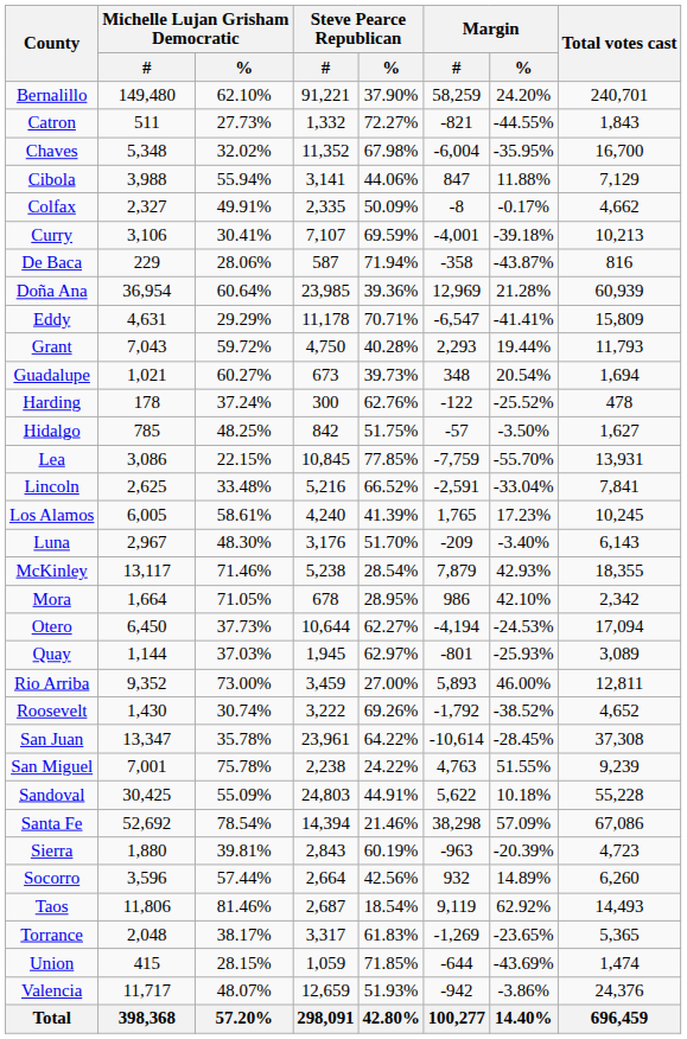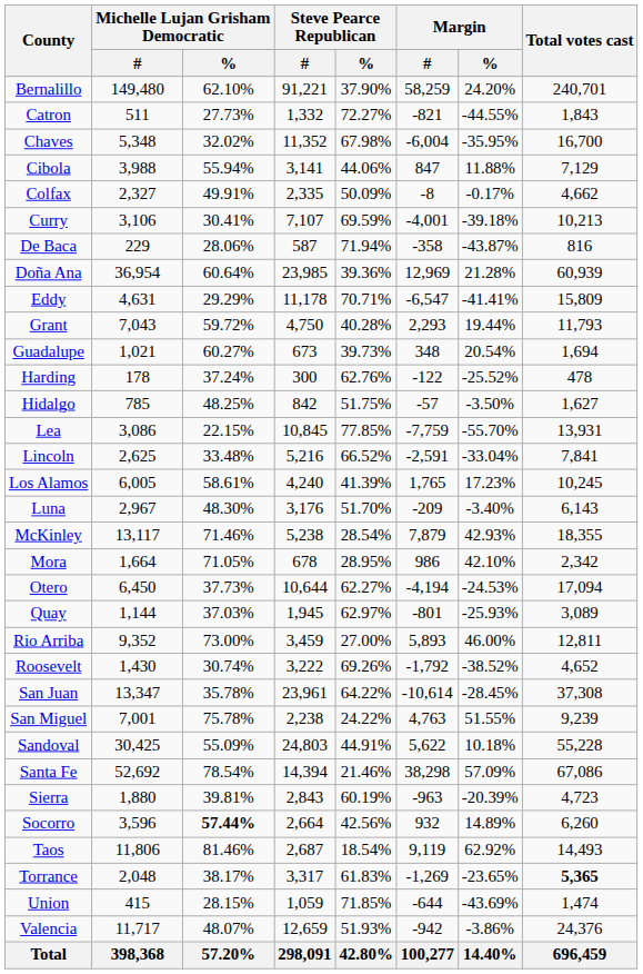 <table class="wikitable sortable" style="text-align:center">
 <tr>
 <th style="text-align:center;" rowspan="2">County</th>
 <th style="text-align:center;" colspan="2">Michelle Lujan Grisham<br>Democratic</th>
 <th style="text-align:center;" colspan="2">Steve Pearce<br>Republican</th>
 <th style="text-align:center;" colspan="2">Margin</th>
 <th style="text-align:center;" rowspan="2">Total votes cast</th>
 </tr>
 <tr>
 <th style="text-align:center;" data-sort-type="number">#</th>
 <th style="text-align:center;" data-sort-type="number">%</th>
 <th style="text-align:center;" data-sort-type="number">#</th>
 <th style="text-align:center;" data-sort-type="number">%</th>
 <th style="text-align:center;" data-sort-type="number">#</th>
 <th style="text-align:center;" data-sort-type="number">%</th>
 </tr>
 <tr style="text-align:center;">
 <td><a href='#'>Bernalillo</a></td>
 <td>149,480</td>
 <td>62.10%</td>
 <td>91,221</td>
 <td>37.90%</td>
 <td>58,259</td>
 <td>24.20%</td>
 <td>240,701</td>
 </tr>
 <tr style="text-align:center;">
 <td><a href='#'>Catron</a></td>
 <td>511</td>
 <td>27.73%</td>
 <td>1,332</td>
 <td>72.27%</td>
 <td>-821</td>
 <td>-44.55%</td>
 <td>1,843</td>
 </tr>
 <tr style="text-align:center;">
 <td><a href='#'>Chaves</a></td>
 <td>5,348</td>
 <td>32.02%</td>
 <td>11,352</td>
 <td>67.98%</td>
 <td>-6,004</td>
 <td>-35.95%</td>
 <td>16,700</td>
 </tr>
 <tr style="text-align:center;">
 <td><a href='#'>Cibola</a></td>
 <td>3,988</td>
 <td>55.94%</td>
 <td>3,141</td>
 <td>44.06%</td>
 <td>847</td>
 <td>11.88%</td>
 <td>7,129</td>
 </tr>
 <tr style="text-align:center;">
 <td><a href='#'>Colfax</a></td>
 <td>2,327</td>
 <td>49.91%</td>
 <td>2,335</td>
 <td>50.09%</td>
 <td>-8</td>
 <td>-0.17%</td>
 <td>4,662</td>
 </tr>
 <tr style="text-align:center;">
 <td><a href='#'>Curry</a></td>
 <td>3,106</td>
 <td>30.41%</td>
 <td>7,107</td>
 <td>69.59%</td>
 <td>-4,001</td>
 <td>-39.18%</td>
 <td>10,213</td>
 </tr>
 <tr style="text-align:center;">
 <td><a href='#'>De Baca</a></td>
 <td>229</td>
 <td>28.06%</td>
 <td>587</td>
 <td>71.94%</td>
 <td>-358</td>
 <td>-43.87%</td>
 <td>816</td>
 </tr>
 <tr style="text-align:center;">
 <td><a href='#'>Doña Ana</a></td>
 <td>36,954</td>
 <td>60.64%</td>
 <td>23,985</td>
 <td>39.36%</td>
 <td>12,969</td>
 <td>21.28%</td>
 <td>60,939</td>
 </tr>
 <tr style="text-align:center;">
 <td><a href='#'>Eddy</a></td>
 <td>4,631</td>
 <td>29.29%</td>
 <td>11,178</td>
 <td>70.71%</td>
 <td>-6,547</td>
 <td>-41.41%</td>
 <td>15,809</td>
 </tr>
 <tr style="text-align:center;">
 <td><a href='#'>Grant</a></td>
 <td>7,043</td>
 <td>59.72%</td>
 <td>4,750</td>
 <td>40.28%</td>
 <td>2,293</td>
 <td>19.44%</td>
 <td>11,793</td>
 </tr>
 <tr style="text-align:center;">
 <td><a href='#'>Guadalupe</a></td>
 <td>1,021</td>
 <td>60.27%</td>
 <td>673</td>
 <td>39.73%</td>
 <td>348</td>
 <td>20.54%</td>
 <td>1,694</td>
 </tr>
 <tr style="text-align:center;">
 <td><a href='#'>Harding</a></td>
 <td>178</td>
 <td>37.24%</td>
 <td>300</td>
 <td>62.76%</td>
 <td>-122</td>
 <td>-25.52%</td>
 <td>478</td>
 </tr>
 <tr style="text-align:center;">
 <td><a href='#'>Hidalgo</a></td>
 <td>785</td>
 <td>48.25%</td>
 <td>842</td>
 <td>51.75%</td>
 <td>-57</td>
 <td>-3.50%</td>
 <td>1,627</td>
 </tr>
 <tr style="text-align:center;">
 <td><a href='#'>Lea</a></td>
 <td>3,086</td>
 <td>22.15%</td>
 <td>10,845</td>
 <td>77.85%</td>
 <td>-7,759</td>
 <td>-55.70%</td>
 <td>13,931</td>
 </tr>
 <tr style="text-align:center;">
 <td><a href='#'>Lincoln</a></td>
 <td>2,625</td>
 <td>33.48%</td>
 <td>5,216</td>
 <td>66.52%</td>
 <td>-2,591</td>
 <td>-33.04%</td>
 <td>7,841</td>
 </tr>
 <tr style="text-align:center;">
 <td><a href='#'>Los Alamos</a></td>
 <td>6,005</td>
 <td>58.61%</td>
 <td>4,240</td>
 <td>41.39%</td>
 <td>1,765</td>
 <td>17.23%</td>
 <td>10,245</td>
 </tr>
 <tr style="text-align:center;">
 <td><a href='#'>Luna</a></td>
 <td>2,967</td>
 <td>48.30%</td>
 <td>3,176</td>
 <td>51.70%</td>
 <td>-209</td>
 <td>-3.40%</td>
 <td>6,143</td>
 </tr>
 <tr style="text-align:center;">
 <td><a href='#'>McKinley</a></td>
 <td>13,117</td>
 <td>71.46%</td>
 <td>5,238</td>
 <td>28.54%</td>
 <td>7,879</td>
 <td>42.93%</td>
 <td>18,355</td>
 </tr>
 <tr style="text-align:center;">
 <td><a href='#'>Mora</a></td>
 <td>1,664</td>
 <td>71.05%</td>
 <td>678</td>
 <td>28.95%</td>
 <td>986</td>
 <td>42.10%</td>
 <td>2,342</td>
 </tr>
 <tr style="text-align:center;">
 <td><a href='#'>Otero</a></td>
 <td>6,450</td>
 <td>37.73%</td>
 <td>10,644</td>
 <td>62.27%</td>
 <td>-4,194</td>
 <td>-24.53%</td>
 <td>17,094</td>
 </tr>
 <tr style="text-align:center;">
 <td><a href='#'>Quay</a></td>
 <td>1,144</td>
 <td>37.03%</td>
 <td>1,945</td>
 <td>62.97%</td>
 <td>-801</td>
 <td>-25.93%</td>
 <td>3,089</td>
 </tr>
 <tr style="text-align:center;">
 <td><a href='#'>Rio Arriba</a></td>
 <td>9,352</td>
 <td>73.00%</td>
 <td>3,459</td>
 <td>27.00%</td>
 <td>5,893</td>
 <td>46.00%</td>
 <td>12,811</td>
 </tr>
 <tr style="text-align:center;">
 <td><a href='#'>Roosevelt</a></td>
 <td>1,430</td>
 <td>30.74%</td>
 <td>3,222</td>
 <td>69.26%</td>
 <td>-1,792</td>
 <td>-38.52%</td>
 <td>4,652</td>
 </tr>
 <tr style="text-align:center;">
 <td><a href='#'>San Juan</a></td>
 <td>13,347</td>
 <td>35.78%</td>
 <td>23,961</td>
 <td>64.22%</td>
 <td>-10,614</td>
 <td>-28.45%</td>
 <td>37,308</td>
 </tr>
 <tr style="text-align:center;">
 <td><a href='#'>San Miguel</a></td>
 <td>7,001</td>
 <td>75.78%</td>
 <td>2,238</td>
 <td>24.22%</td>
 <td>4,763</td>
 <td>51.55%</td>
 <td>9,239</td>
 </tr>
 <tr style="text-align:center;">
 <td><a href='#'>Sandoval</a></td>
 <td>30,425</td>
 <td>55.09%</td>
 <td>24,803</td>
 <td>44.91%</td>
 <td>5,622</td>
 <td>10.18%</td>
 <td>55,228</td>
 </tr>
 <tr style="text-align:center;">
 <td><a href='#'>Santa Fe</a></td>
 <td>52,692</td>
 <td>78.54%</td>
 <td>14,394</td>
 <td>21.46%</td>
 <td>38,298</td>
 <td>57.09%</td>
 <td>67,086</td>
 </tr>
 <tr style="text-align:center;">
 <td><a href='#'>Sierra</a></td>
 <td>1,880</td>
 <td>39.81%</td>
 <td>2,843</td>
 <td>60.19%</td>
 <td>-963</td>
 <td>-20.39%</td>
 <td>4,723</td>
 </tr>
 <tr style="text-align:center;">
 <td><a href='#'>Socorro</a></td>
 <td>3,596</td>
-<td>57.44%</td>
+<td><strong>57.44%</strong></td>
 <td>2,664</td>
 <td>42.56%</td>
 <td>932</td>
 <td>14.89%</td>
 <td>6,260</td>
 </tr>
 <tr style="text-align:center;">
 <td><a href='#'>Taos</a></td>
 <td>11,806</td>
 <td>81.46%</td>
 <td>2,687</td>
 <td>18.54%</td>
 <td>9,119</td>
 <td>62.92%</td>
 <td>14,493</td>
 </tr>
 <tr style="text-align:center;">
 <td><a href='#'>Torrance</a></td>
 <td>2,048</td>
 <td>38.17%</td>
 <td>3,317</td>
 <td>61.83%</td>
 <td>-1,269</td>
 <td>-23.65%</td>
-<td>5,365</td>
+<td><strong>5,365</strong></td>
 </tr>
 <tr style="text-align:center;">
 <td><a href='#'>Union</a></td>
 <td>415</td>
 <td>28.15%</td>
 <td>1,059</td>
 <td>71.85%</td>
 <td>-644</td>
 <td>-43.69%</td>
 <td>1,474</td>
 </tr>
 <tr style="text-align:center;">
 <td><a href='#'>Valencia</a></td>
 <td>11,717</td>
 <td>48.07%</td>
 <td>12,659</td>
 <td>51.93%</td>
 <td>-942</td>
 <td>-3.86%</td>
 <td>24,376</td>
 </tr>
 <tr style="text-align:center;">
 <th>Total</th>
 <th>398,368</th>
 <th>57.20%</th>
 <th>298,091</th>
 <th>42.80%</th>
 <th>100,277</th>
 <th>14.40%</th>
 <th>696,459</th>
 </tr>
 </table>
